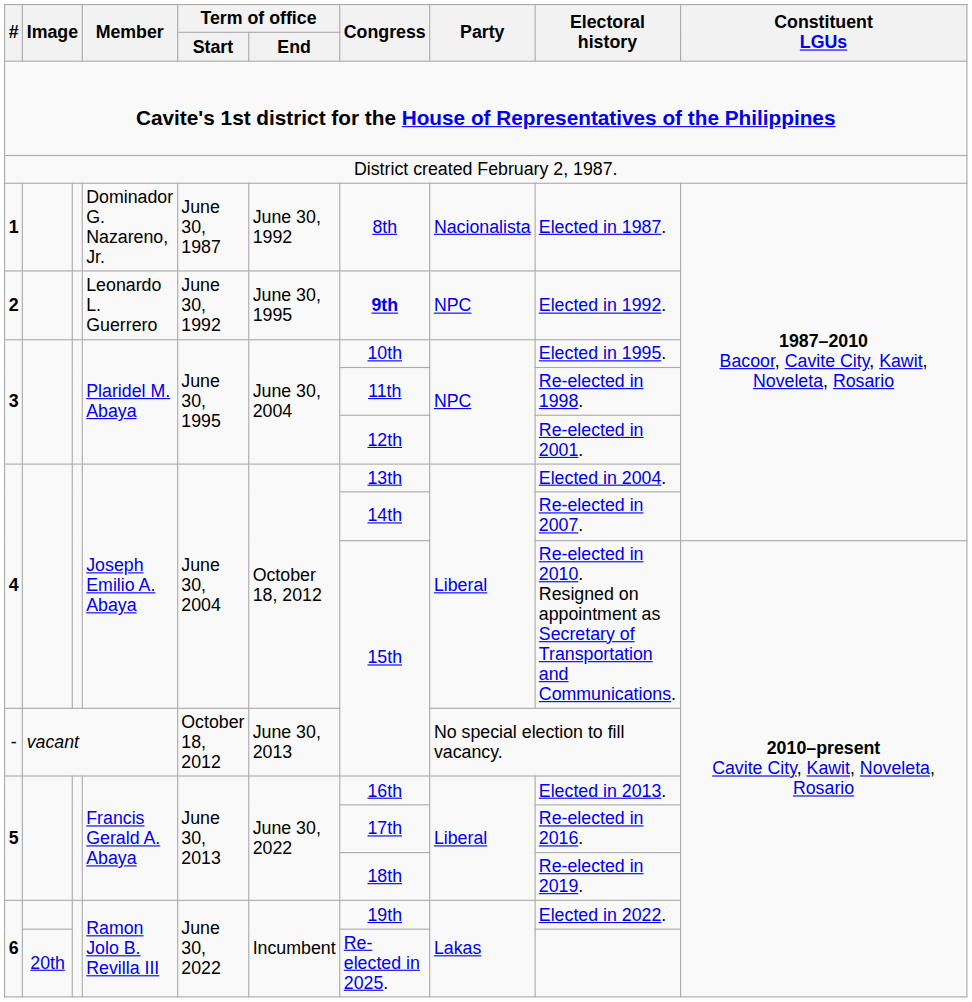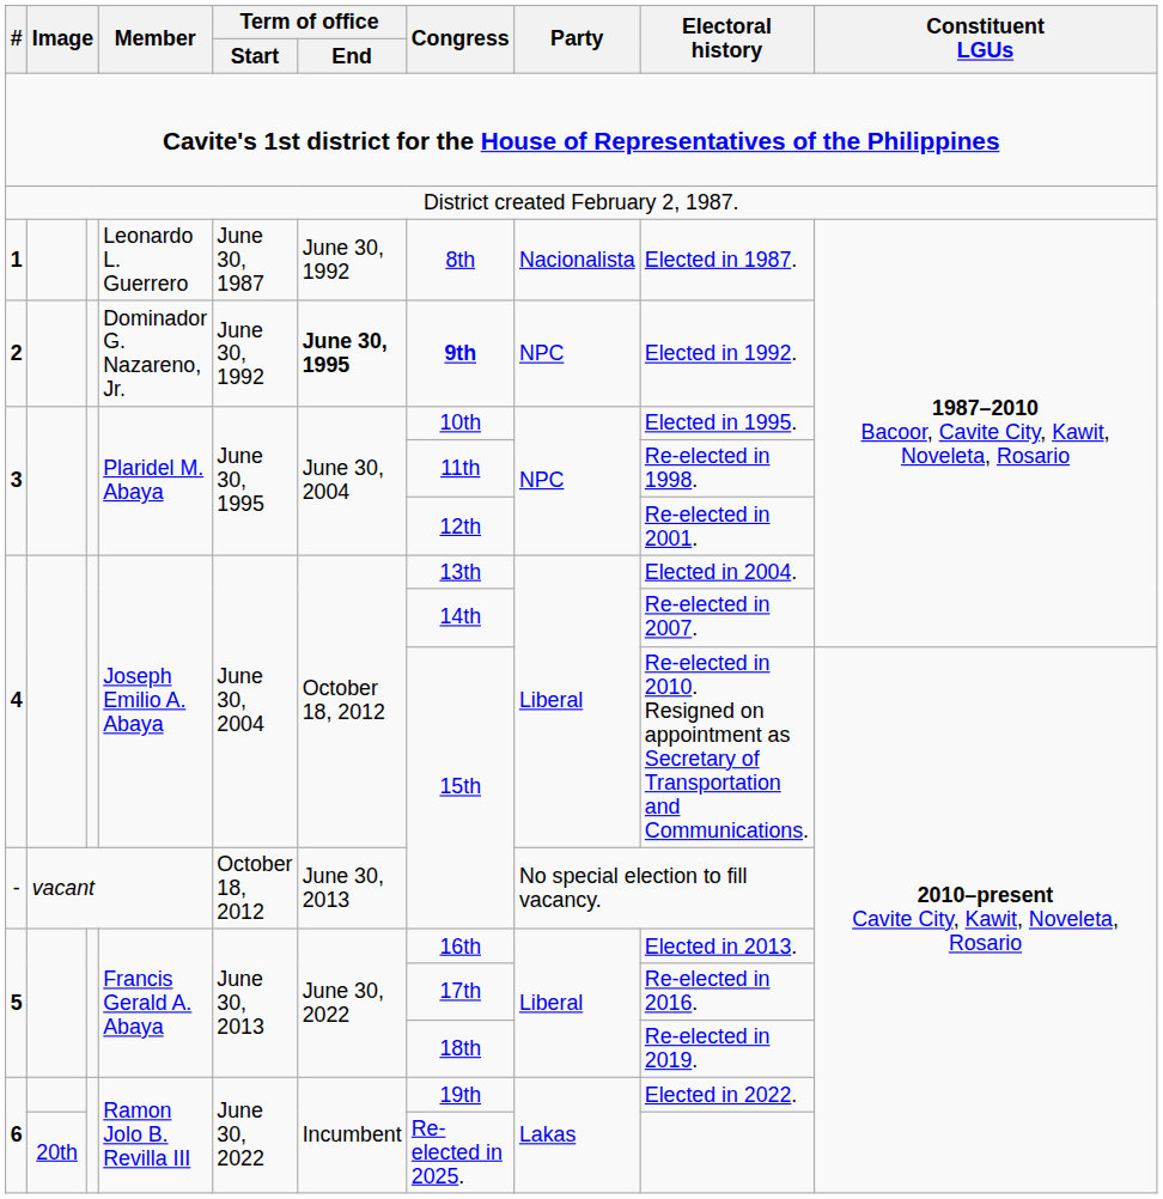 <table class="wikitable">
 <tr>
 <th rowspan="2">#</th>
 <th colspan="2" rowspan="2">Image</th>
 <th rowspan="2">Member</th>
 <th colspan="2">Term of office</th>
 <th rowspan="2">Congress</th>
 <th rowspan="2">Party</th>
 <th rowspan="2">Electoral history</th>
 <th rowspan="2" width="33%">Constituent<br><a href='#'>LGUs</a></th>
 </tr>
 <tr>
 <th>Start</th>
 <th>End</th>
 </tr>
 <tr>
 <td colspan="10" style="text-align:center;"><br><h3>Cavite's 1st district for the <a href='#'>House of Representatives of the Philippines</a></h3></td>
 </tr>
 <tr>
 <td colspan="10" style="text-align:center;">District created February 2, 1987.</td>
 </tr>
 <tr>
 <td style="text-align:center;"><strong>1</strong></td>
 <td style="color:inherit;background:"></td>
 <td></td>
-<td>Dominador G. Nazareno, Jr.</td>
+<td>Leonardo L. Guerrero</td>
 <td>June 30, 1987</td>
 <td>June 30, 1992</td>
 <td style="text-align:center;"><a href='#'>8th</a></td>
 <td><a href='#'>Nacionalista</a></td>
 <td><a href='#'>Elected in 1987</a>.</td>
 <td rowspan="7" style="text-align:center;"><strong>1987–2010</strong><br><a href='#'>Bacoor</a>, <a href='#'>Cavite City</a>, <a href='#'>Kawit</a>, <a href='#'>Noveleta</a>, <a href='#'>Rosario</a></td>
 </tr>
 <tr>
 <td style="text-align:center;"><strong>2</strong></td>
 <td style="color:inherit;background:"></td>
 <td></td>
-<td>Leonardo L. Guerrero</td>
+<td>Dominador G. Nazareno, Jr.</td>
 <td>June 30, 1992</td>
-<td>June 30, 1995</td>
+<td><strong>June 30, 1995</strong></td>
 <td style="text-align:center;"><strong><a href='#'>9th</a></strong></td>
 <td><a href='#'>NPC</a></td>
 <td><a href='#'>Elected in 1992</a>.</td>
 </tr>
 <tr>
 <td style="text-align:center;" rowspan="3"><strong>3</strong></td>
 <td rowspan="3" style="color:inherit;background:"></td>
 <td rowspan="3"></td>
 <td rowspan="3"><a href='#'>Plaridel M. Abaya</a></td>
 <td rowspan="3">June 30, 1995</td>
 <td rowspan="3">June 30, 2004</td>
 <td style="text-align:center;"><a href='#'>10th</a></td>
 <td rowspan="3"><a href='#'>NPC</a></td>
 <td><a href='#'>Elected in 1995</a>.</td>
 </tr>
 <tr>
 <td style="text-align:center;"><a href='#'>11th</a></td>
 <td><a href='#'>Re-elected in 1998</a>.</td>
 </tr>
 <tr>
 <td style="text-align:center;"><a href='#'>12th</a></td>
 <td><a href='#'>Re-elected in 2001</a>.</td>
 </tr>
 <tr>
 <td style="text-align:center;" rowspan="3"><strong>4</strong></td>
 <td rowspan="3" style="color:inherit;background:"></td>
 <td rowspan="3"></td>
 <td rowspan="3"><a href='#'>Joseph Emilio A. Abaya</a></td>
 <td rowspan="3">June 30, 2004</td>
 <td rowspan="3">October 18, 2012</td>
 <td style="text-align:center;"><a href='#'>13th</a></td>
 <td rowspan="3"><a href='#'>Liberal</a></td>
 <td><a href='#'>Elected in 2004</a>.</td>
 </tr>
 <tr>
 <td style="text-align:center;"><a href='#'>14th</a></td>
 <td><a href='#'>Re-elected in 2007</a>.</td>
 </tr>
 <tr>
 <td rowspan="2" style="text-align:center;"><a href='#'>15th</a></td>
 <td><a href='#'>Re-elected in 2010</a>.<br>Resigned on appointment as <a href='#'>Secretary of Transportation and Communications</a>.</td>
 <td rowspan="7" style="text-align:center;"><strong>2010–present</strong><br><a href='#'>Cavite City</a>, <a href='#'>Kawit</a>, <a href='#'>Noveleta</a>, <a href='#'>Rosario</a></td>
 </tr>
 <tr>
 <td style="text-align:center;">-</td>
 <td colspan=3><em>vacant</em></td>
 <td>October 18, 2012</td>
 <td>June 30, 2013</td>
 <td colspan=2>No special election to fill vacancy.</td>
 </tr>
 <tr>
 <td style="text-align:center;" rowspan="3"><strong>5</strong></td>
 <td rowspan="3" style="color:inherit;background:"></td>
 <td rowspan="3"></td>
 <td rowspan="3"><a href='#'>Francis Gerald A. Abaya</a></td>
 <td rowspan="3">June 30, 2013</td>
 <td rowspan="3">June 30, 2022</td>
 <td style="text-align:center;"><a href='#'>16th</a></td>
 <td rowspan="3"><a href='#'>Liberal</a></td>
 <td><a href='#'>Elected in 2013</a>.</td>
 </tr>
 <tr>
 <td style="text-align:center;"><a href='#'>17th</a></td>
 <td><a href='#'>Re-elected in 2016</a>.</td>
 </tr>
 <tr>
 <td style="text-align:center;"><a href='#'>18th</a></td>
 <td><a href='#'>Re-elected in 2019</a>.</td>
 </tr>
 <tr>
 <td style="text-align:center;" rowspan="3"><strong>6</strong></td>
 <td style="color:inherit;background:"></td>
 <td rowspan="2"></td>
 <td rowspan="2"><a href='#'>Ramon Jolo B. Revilla III</a></td>
 <td rowspan="2">June 30, 2022</td>
 <td rowspan="2">Incumbent</td>
 <td style="text-align:center;"><a href='#'>19th</a></td>
 <td rowspan="2"><a href='#'>Lakas</a></td>
 <td><a href='#'>Elected in 2022</a>.</td>
 </tr>
 <tr>
 <td style="text-align:center;"><a href='#'>20th</a></td>
 <td><a href='#'>Re-elected in 2025</a>.</td>
 </tr>
 </table>
